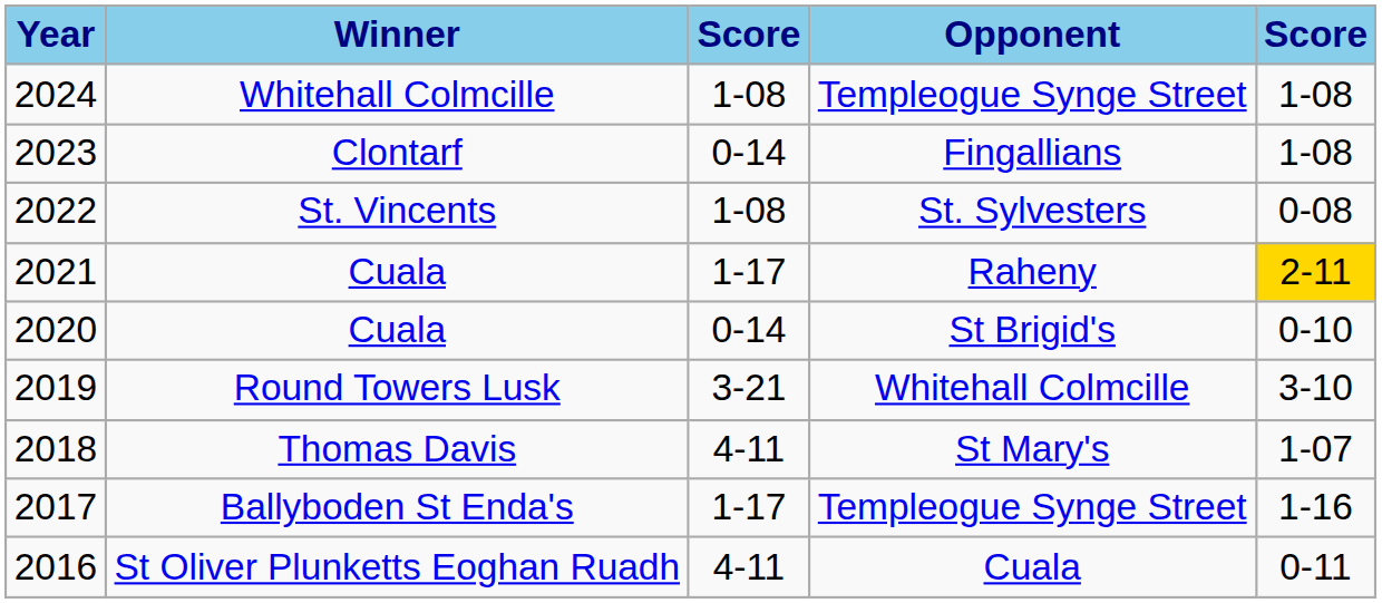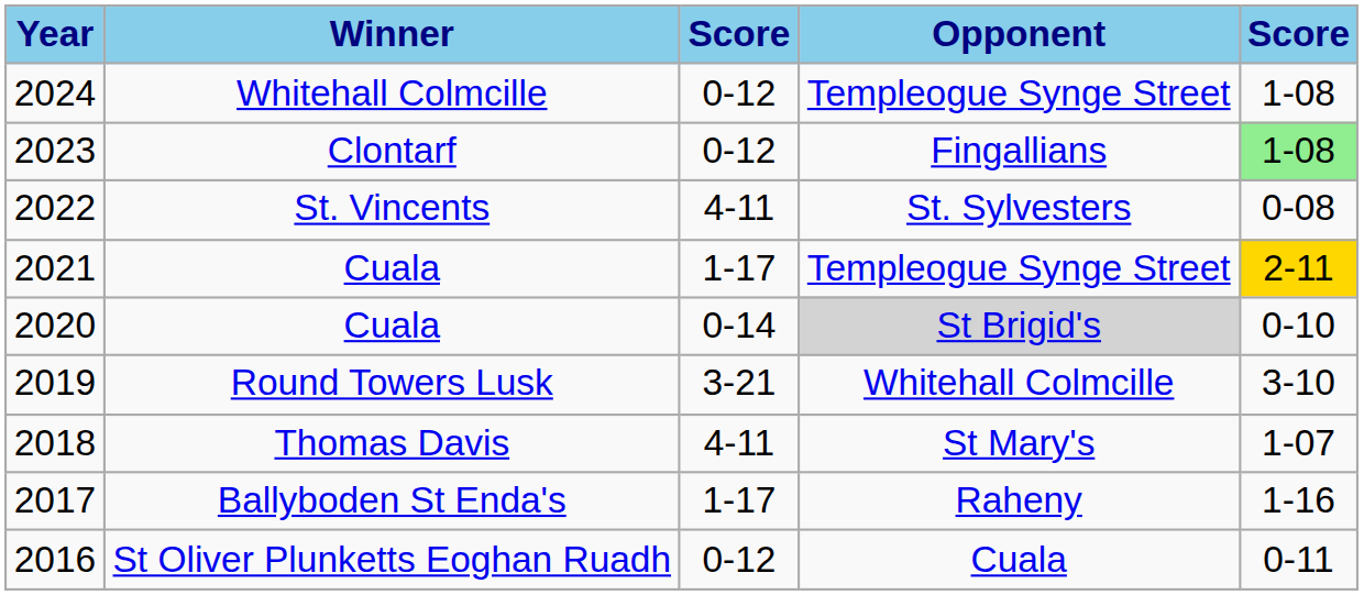 <table class="wikitable" style="text-align:center;">
 <tr>
 <th style="background:skyblue;color:navy;">Year</th>
 <th style="background:skyblue;color:navy;">Winner</th>
 <th style="background:skyblue;color:navy;">Score</th>
 <th style="background:skyblue;color:navy;">Opponent</th>
 <th style="background:skyblue;color:navy;">Score</th>
 </tr>
 <tr>
 <td>2024</td>
 <td><a href='#'>Whitehall Colmcille</a></td>
-<td>1-08</td>
+<td>0-12</td>
 <td><a href='#'>Templeogue Synge Street</a></td>
 <td>1-08</td>
 </tr>
 <tr>
 <td>2023</td>
 <td><a href='#'>Clontarf</a></td>
-<td>0-14</td>
+<td>0-12</td>
 <td><a href='#'>Fingallians</a></td>
-<td>1-08</td>
+<td style="background: lightgreen;">1-08</td>
 </tr>
 <tr>
 <td>2022</td>
 <td><a href='#'>St. Vincents</a></td>
-<td>1-08</td>
+<td>4-11</td>
 <td><a href='#'>St. Sylvesters</a></td>
 <td>0-08</td>
 </tr>
 <tr>
 <td>2021</td>
 <td><a href='#'>Cuala</a></td>
 <td>1-17</td>
-<td><a href='#'>Raheny</a></td>
+<td><a href='#'>Templeogue Synge Street</a></td>
 <td style="background: gold;">2-11</td>
 </tr>
 <tr>
 <td>2020</td>
 <td><a href='#'>Cuala</a></td>
 <td>0-14</td>
-<td><a href='#'>St Brigid's</a></td>
+<td style="background: lightgrey;"><a href='#'>St Brigid's</a></td>
 <td>0-10</td>
 </tr>
 <tr>
 <td>2019</td>
 <td><a href='#'>Round Towers Lusk</a></td>
 <td>3-21</td>
 <td><a href='#'>Whitehall Colmcille</a></td>
 <td>3-10</td>
 </tr>
 <tr>
 <td>2018</td>
 <td><a href='#'>Thomas Davis</a></td>
 <td>4-11</td>
 <td><a href='#'>St Mary's</a></td>
 <td>1-07</td>
 </tr>
 <tr>
 <td>2017</td>
 <td><a href='#'>Ballyboden St Enda's</a></td>
 <td>1-17</td>
-<td><a href='#'>Templeogue Synge Street</a></td>
+<td><a href='#'>Raheny</a></td>
 <td>1-16</td>
 </tr>
 <tr>
 <td>2016</td>
 <td><a href='#'>St Oliver Plunketts Eoghan Ruadh</a></td>
-<td>4-11</td>
+<td>0-12</td>
 <td><a href='#'>Cuala</a></td>
 <td>0-11</td>
 </tr>
 </table>
